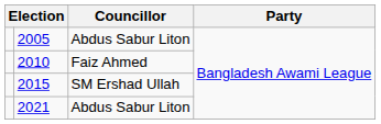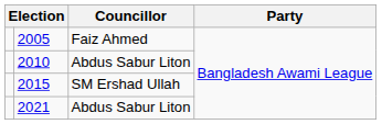 <table class="wikitable">
 <tr>
 <th colspan="2">Election</th>
 <th>Councillor</th>
 <th>Party</th>
 </tr>
 <tr>
 <td style="background-color:"></td>
 <td><a href='#'>2005</a></td>
-<td>Abdus Sabur Liton</td>
+<td>Faiz Ahmed</td>
 <td rowspan="4"><a href='#'>Bangladesh Awami League</a></td>
 </tr>
 <tr>
 <td style="background-color:"></td>
 <td><a href='#'>2010</a></td>
-<td>Faiz Ahmed</td>
+<td>Abdus Sabur Liton</td>
 </tr>
 <tr>
 <td style="background-color:"></td>
 <td><a href='#'>2015</a></td>
 <td>SM Ershad Ullah</td>
 </tr>
 <tr>
 <td style="background-color:"></td>
 <td><a href='#'>2021</a></td>
 <td>Abdus Sabur Liton</td>
 </tr>
 </table>
